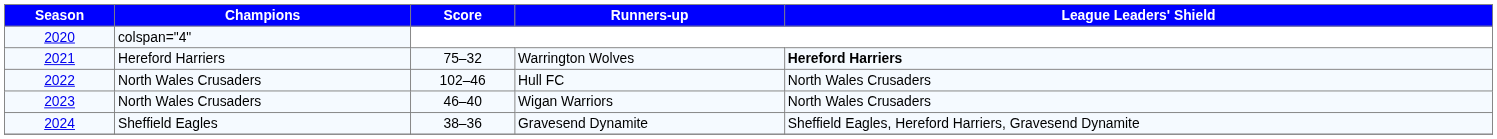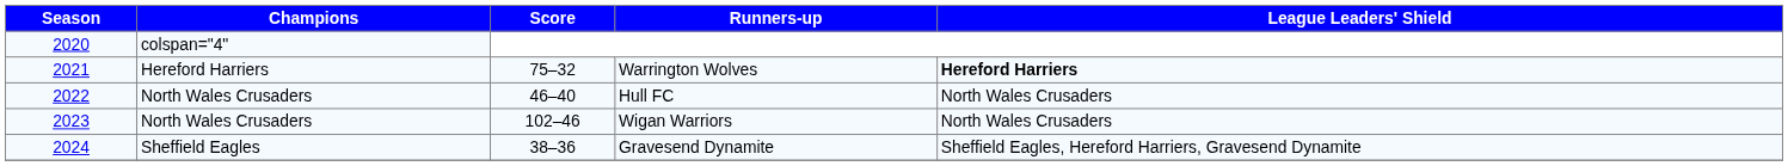 <table border="1" cellpadding="3" cellspacing="0" style="border-collapse:collapse; font-size:92%; width:100%;">
 <tr style="background:blue;">
 <th style="color:white;" "width:21%;">Season</th>
 <th style="color:white;" "width:21%;">Champions</th>
 <th style="color:white;" "width:6%;">Score</th>
 <th style="color:white;" "width:21%;">Runners-up</th>
 <th style="color:white;" "width:21%;">League Leaders' Shield</th>
 </tr>
 <tr style="background:#f5faff;">
 <td style="text-align:center;"><a href='#'>2020</a></td>
 <td>colspan="4" </td>
 </tr>
 <tr style="background:#f5faff;">
 <td style="text-align:center;"><a href='#'>2021</a></td>
 <td>Hereford Harriers</td>
 <td style="text-align:center;">75–32</td>
 <td> Warrington Wolves</td>
 <td><strong>Hereford Harriers</strong></td>
 </tr>
 <tr style="background:#f5faff;">
 <td style="text-align:center;"><a href='#'>2022</a></td>
 <td> North Wales Crusaders</td>
-<td style="text-align:center;">102–46</td>
+<td style="text-align:center;">46–40</td>
 <td> Hull FC</td>
 <td> North Wales Crusaders</td>
 </tr>
 <tr style="background:#f5faff;">
 <td style="text-align:center;"><a href='#'>2023</a></td>
 <td> North Wales Crusaders</td>
-<td style="text-align:center;">46–40</td>
+<td style="text-align:center;">102–46</td>
 <td> Wigan Warriors</td>
 <td> North Wales Crusaders</td>
 </tr>
 <tr style="background:#f5faff;">
 <td style="text-align:center;"><a href='#'>2024</a></td>
 <td> Sheffield Eagles</td>
 <td style="text-align:center;">38–36</td>
 <td>Gravesend Dynamite</td>
 <td> Sheffield Eagles, Hereford Harriers, Gravesend Dynamite</td>
 </tr>
 <tr style="background:#f5faff;">
 </tr>
 </table>
